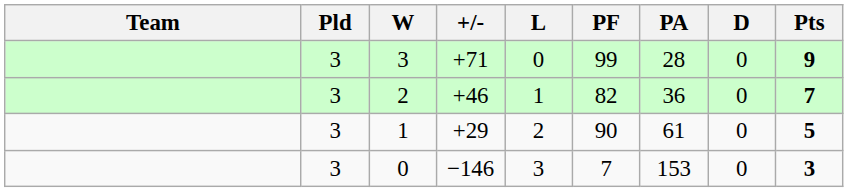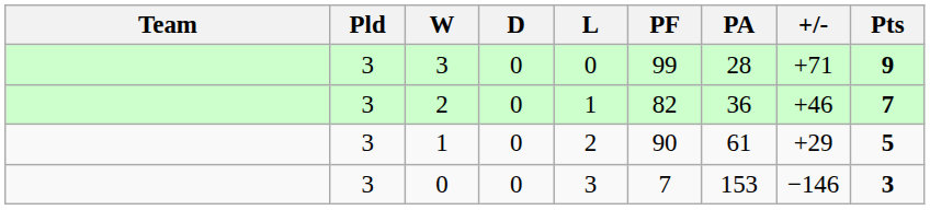 <table class="wikitable" style="text-align: center;">
 <tr>
 <th width="200">Team</th>
 <th width="40">Pld</th>
 <th width="40">W</th>
-<th width="40">+/-</th>
+<th width="40">D</th>
 <th width="40">L</th>
 <th width="40">PF</th>
 <th width="40">PA</th>
-<th width="40">D</th>
+<th width="40">+/-</th>
 <th width="40">Pts</th>
 </tr>
 <tr style="background-color:#ccffcc">
 <td style="text-align:left;"></td>
 <td>3</td>
 <td>3</td>
-<td>+71</td>
+<td>0</td>
 <td>0</td>
 <td>99</td>
 <td>28</td>
-<td>0</td>
+<td>+71</td>
 <td><strong>9</strong></td>
 </tr>
 <tr style="background-color:#ccffcc">
 <td style="text-align:left;"></td>
 <td>3</td>
 <td>2</td>
-<td>+46</td>
+<td>0</td>
 <td>1</td>
 <td>82</td>
 <td>36</td>
-<td>0</td>
+<td>+46</td>
 <td><strong>7</strong></td>
 </tr>
 <tr>
 <td style="text-align:left;"></td>
 <td>3</td>
 <td>1</td>
-<td>+29</td>
+<td>0</td>
 <td>2</td>
 <td>90</td>
 <td>61</td>
-<td>0</td>
+<td>+29</td>
 <td><strong>5</strong></td>
 </tr>
 <tr>
 <td style="text-align:left;"></td>
 <td>3</td>
 <td>0</td>
-<td>−146</td>
+<td>0</td>
 <td>3</td>
 <td>7</td>
 <td>153</td>
-<td>0</td>
+<td>−146</td>
 <td><strong>3</strong></td>
 </tr>
 </table>
